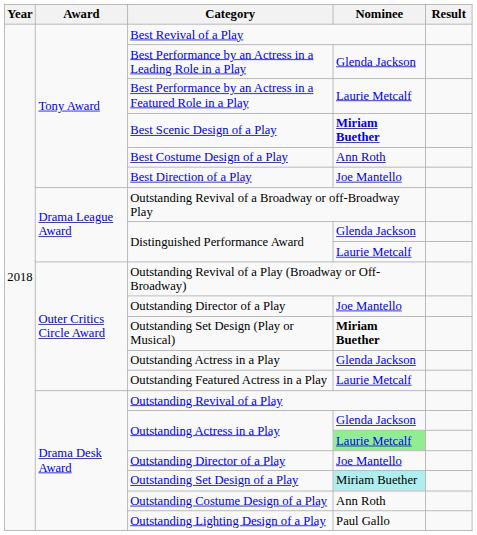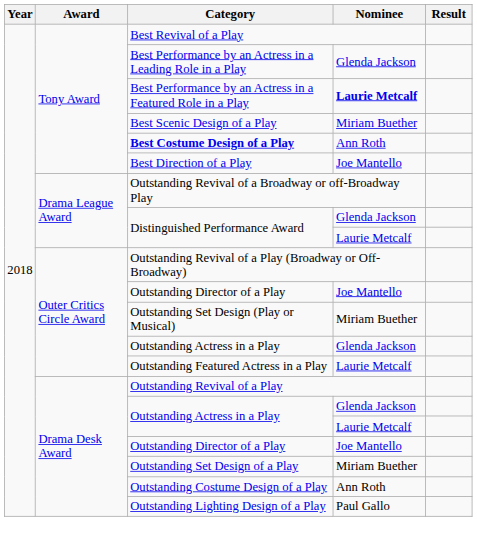 <table class="wikitable" style="width:95%;">
 <tr>
 <th style="width:5%;">Year</th>
 <th style="width:20%;">Award</th>
 <th style="width:45%;">Category</th>
 <th style="width:20%;">Nominee</th>
 <th style="width:10%;">Result</th>
 </tr>
 <tr>
 <td rowspan="21">2018</td>
 <td rowspan="6"><a href='#'>Tony Award</a></td>
 <td colspan="2"><a href='#'>Best Revival of a Play</a></td>
 <td></td>
 </tr>
 <tr>
 <td><a href='#'>Best Performance by an Actress in a Leading Role in a Play</a></td>
 <td><a href='#'>Glenda Jackson</a></td>
 <td></td>
 </tr>
 <tr>
 <td><a href='#'>Best Performance by an Actress in a Featured Role in a Play</a></td>
-<td><a href='#'>Laurie Metcalf</a></td>
+<td><strong><a href='#'>Laurie Metcalf</a></strong></td>
 <td></td>
 </tr>
 <tr>
 <td><a href='#'>Best Scenic Design of a Play</a></td>
-<td><strong><a href='#'>Miriam Buether</a></strong></td>
+<td><a href='#'>Miriam Buether</a></td>
 <td></td>
 </tr>
 <tr>
-<td><a href='#'>Best Costume Design of a Play</a></td>
+<td><strong><a href='#'>Best Costume Design of a Play</a></strong></td>
 <td><a href='#'>Ann Roth</a></td>
 <td></td>
 </tr>
 <tr>
 <td><a href='#'>Best Direction of a Play</a></td>
 <td><a href='#'>Joe Mantello</a></td>
 <td></td>
 </tr>
 <tr>
 <td rowspan="3"><a href='#'>Drama League Award</a></td>
 <td colspan="2">Outstanding Revival of a Broadway or off-Broadway Play</td>
 <td></td>
 </tr>
 <tr>
 <td rowspan="2">Distinguished Performance Award</td>
 <td><a href='#'>Glenda Jackson</a></td>
 <td></td>
 </tr>
 <tr>
 <td><a href='#'>Laurie Metcalf</a></td>
 <td></td>
 </tr>
 <tr>
 <td rowspan="5"><a href='#'>Outer Critics Circle Award</a></td>
 <td colspan="2">Outstanding Revival of a Play (Broadway or Off-Broadway)</td>
 <td></td>
 </tr>
 <tr>
 <td>Outstanding Director of a Play</td>
 <td><a href='#'>Joe Mantello</a></td>
 <td></td>
 </tr>
 <tr>
 <td>Outstanding Set Design (Play or Musical)</td>
-<td><strong>Miriam Buether</strong></td>
+<td>Miriam Buether</td>
 <td></td>
 </tr>
 <tr>
 <td>Outstanding Actress in a Play</td>
 <td><a href='#'>Glenda Jackson</a></td>
 <td></td>
 </tr>
 <tr>
 <td>Outstanding Featured Actress in a Play</td>
 <td><a href='#'>Laurie Metcalf</a></td>
 <td></td>
 </tr>
 <tr>
 <td rowspan="7"><a href='#'>Drama Desk Award</a></td>
 <td colspan="2"><a href='#'>Outstanding Revival of a Play</a></td>
 <td></td>
 </tr>
 <tr>
 <td rowspan="2"><a href='#'>Outstanding Actress in a Play</a></td>
 <td><a href='#'>Glenda Jackson</a></td>
 <td></td>
 </tr>
 <tr>
-<td style="background: lightgreen;"><a href='#'>Laurie Metcalf</a></td>
+<td><a href='#'>Laurie Metcalf</a></td>
 <td></td>
 </tr>
 <tr>
 <td><a href='#'>Outstanding Director of a Play</a></td>
 <td><a href='#'>Joe Mantello</a></td>
 <td></td>
 </tr>
 <tr>
 <td><a href='#'>Outstanding Set Design of a Play</a></td>
-<td style="background: paleturquoise;">Miriam Buether</td>
+<td>Miriam Buether</td>
 <td></td>
 </tr>
 <tr>
 <td><a href='#'>Outstanding Costume Design of a Play</a></td>
 <td>Ann Roth</td>
 <td></td>
 </tr>
 <tr>
 <td><a href='#'>Outstanding Lighting Design of a Play</a></td>
 <td>Paul Gallo</td>
 <td></td>
 </tr>
 </table>
